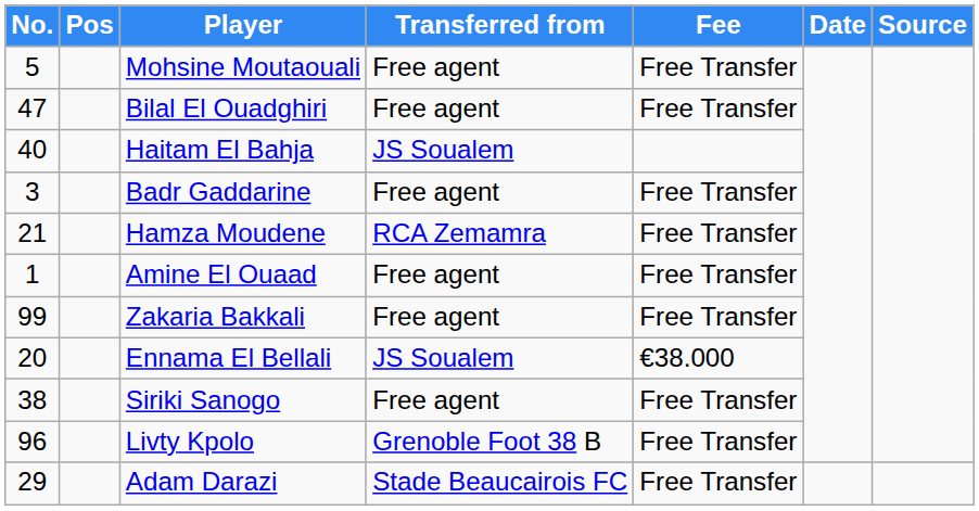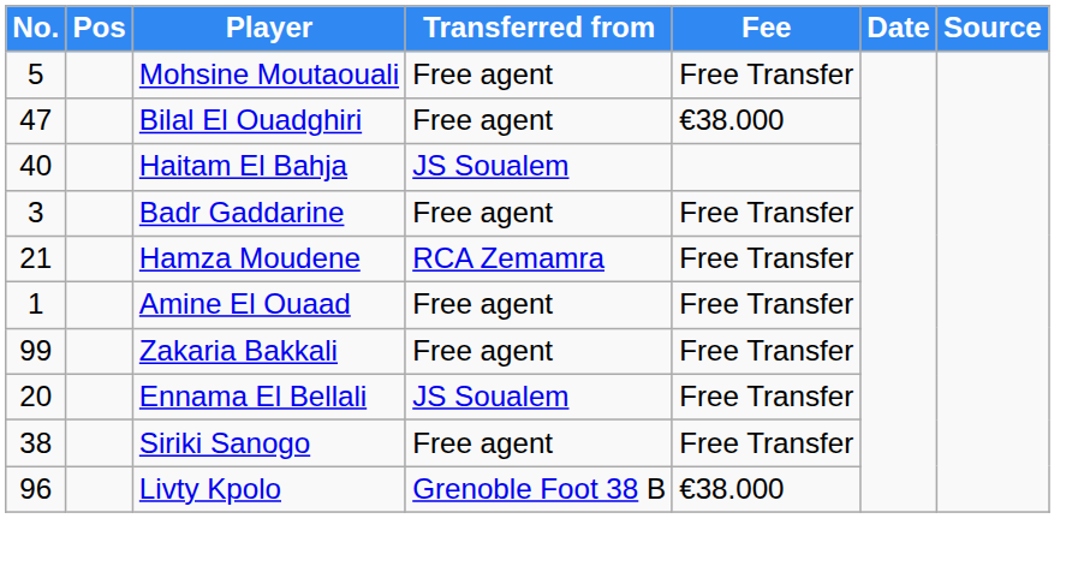 <table class="wikitable plainrowheaders sortable">
 <tr>
 <th style="background:#3088f2; color:#ffffff; ">No.</th>
 <th style="background:#3088f2; color:#ffffff; ">Pos</th>
 <th style="background:#3088f2; color:#ffffff; ">Player</th>
 <th style="background:#3088f2; color:#ffffff; ">Transferred from</th>
 <th style="background:#3088f2; color:#ffffff; ">Fee</th>
 <th style="background:#3088f2; color:#ffffff; ">Date</th>
 <th style="background:#3088f2; color:#ffffff; ">Source</th>
 </tr>
 <tr>
 <td align=center>5</td>
 <td align=center></td>
 <td> <a href='#'>Mohsine Moutaouali</a></td>
 <td>Free agent</td>
 <td>Free Transfer</td>
 <td rowspan=10></td>
 <td rowspan=10></td>
 </tr>
 <tr>
 <td align=center>47</td>
 <td align=center></td>
 <td> <a href='#'>Bilal El Ouadghiri</a></td>
 <td>Free agent</td>
-<td>Free Transfer</td>
+<td>€38.000</td>
 </tr>
 <tr>
 <td align=center>40</td>
 <td align=center></td>
 <td> <a href='#'>Haitam El Bahja</a></td>
 <td><a href='#'>JS Soualem</a></td>
 <td></td>
 </tr>
 <tr>
 <td align=center>3</td>
 <td align=center></td>
 <td> <a href='#'>Badr Gaddarine</a></td>
 <td>Free agent</td>
 <td>Free Transfer</td>
 </tr>
 <tr>
 <td align=center>21</td>
 <td align=center></td>
 <td> <a href='#'>Hamza Moudene</a></td>
 <td><a href='#'>RCA Zemamra</a></td>
 <td>Free Transfer</td>
 </tr>
 <tr>
 <td align=center>1</td>
 <td align=center></td>
 <td> <a href='#'>Amine El Ouaad</a></td>
 <td>Free agent</td>
 <td>Free Transfer</td>
 </tr>
 <tr>
 <td align=center>99</td>
 <td align=center></td>
 <td> <a href='#'>Zakaria Bakkali</a></td>
 <td>Free agent</td>
 <td>Free Transfer</td>
 </tr>
 <tr>
 <td align=center>20</td>
 <td align=center></td>
 <td> <a href='#'>Ennama El Bellali</a></td>
 <td><a href='#'>JS Soualem</a></td>
-<td>€38.000</td>
+<td>Free Transfer</td>
 </tr>
 <tr>
 <td align=center>38</td>
 <td align=center></td>
 <td> <a href='#'>Siriki Sanogo</a></td>
 <td>Free agent</td>
 <td>Free Transfer</td>
 </tr>
 <tr>
 <td align=center>96</td>
 <td align=center></td>
 <td> <a href='#'>Livty Kpolo</a></td>
 <td> <a href='#'>Grenoble Foot 38</a> B</td>
-<td>Free Transfer</td>
-</tr>
-<tr>
-<td align=center>29</td>
-<td align=center></td>
-<td> <a href='#'>Adam Darazi</a></td>
-<td> <a href='#'>Stade Beaucairois FC</a></td>
-<td>Free Transfer</td>
-<td></td>
-<td><br></td>
+<td>€38.000</td>
 </tr>
 </table>
